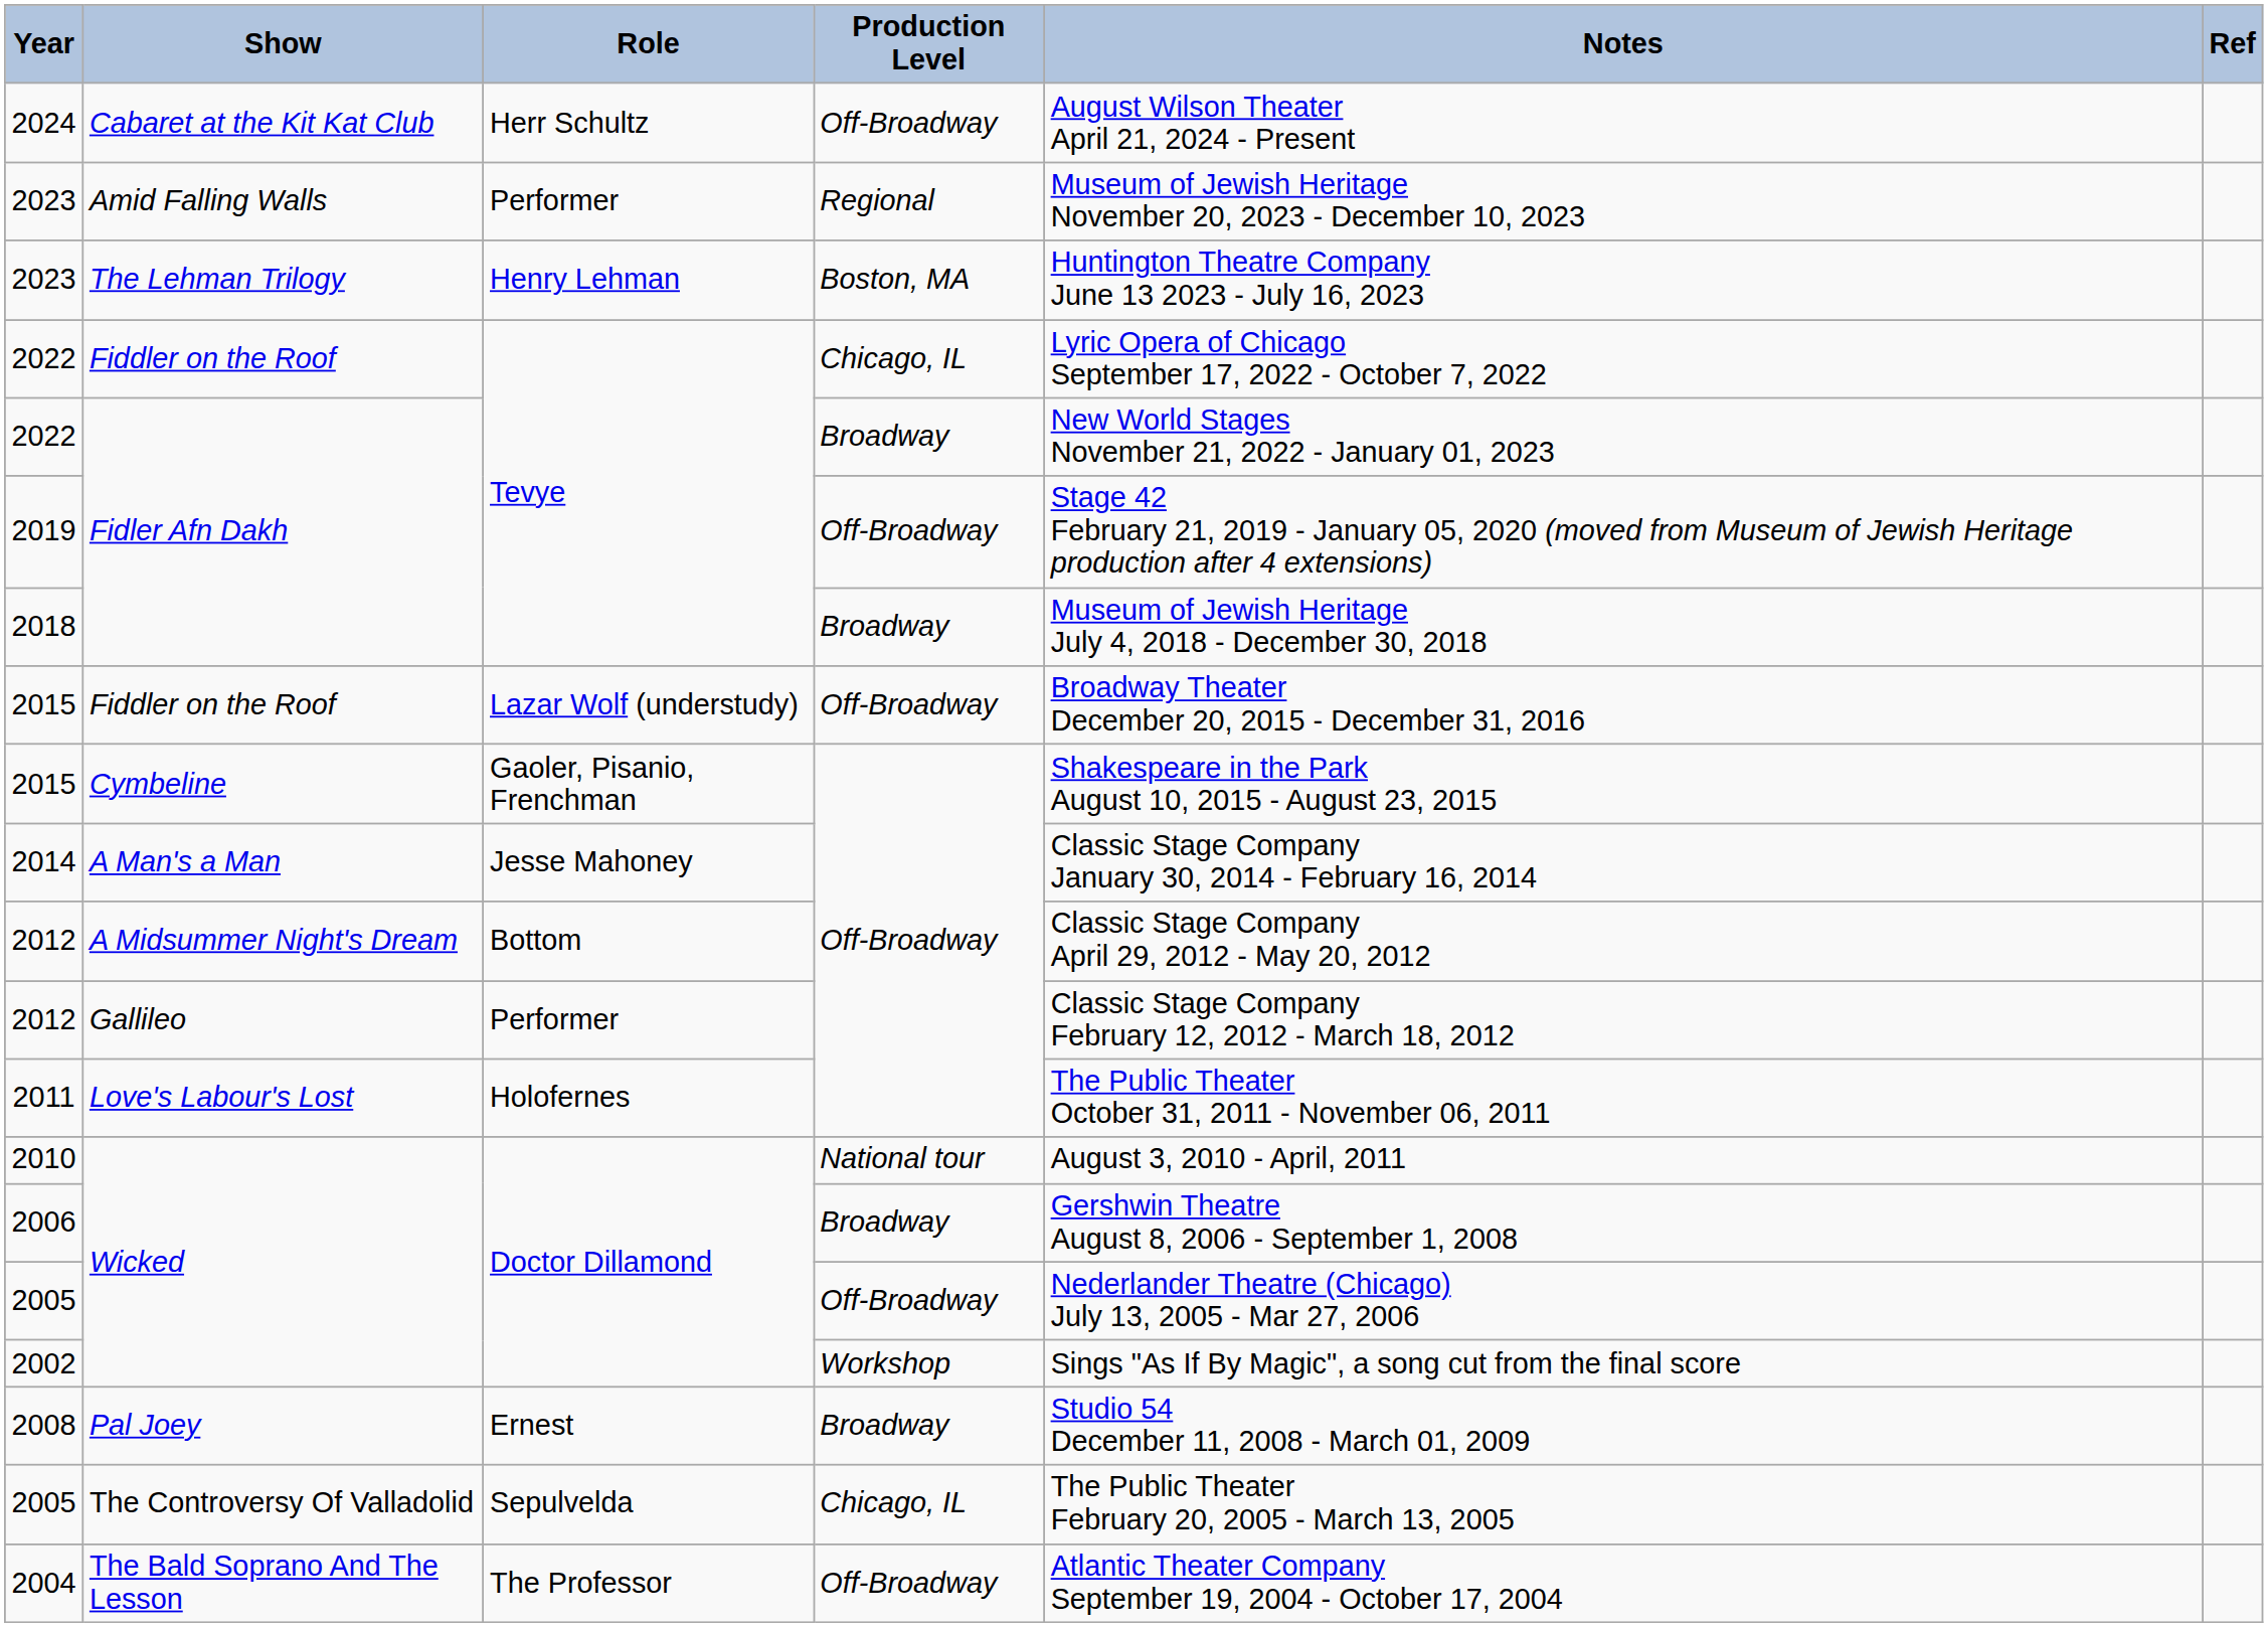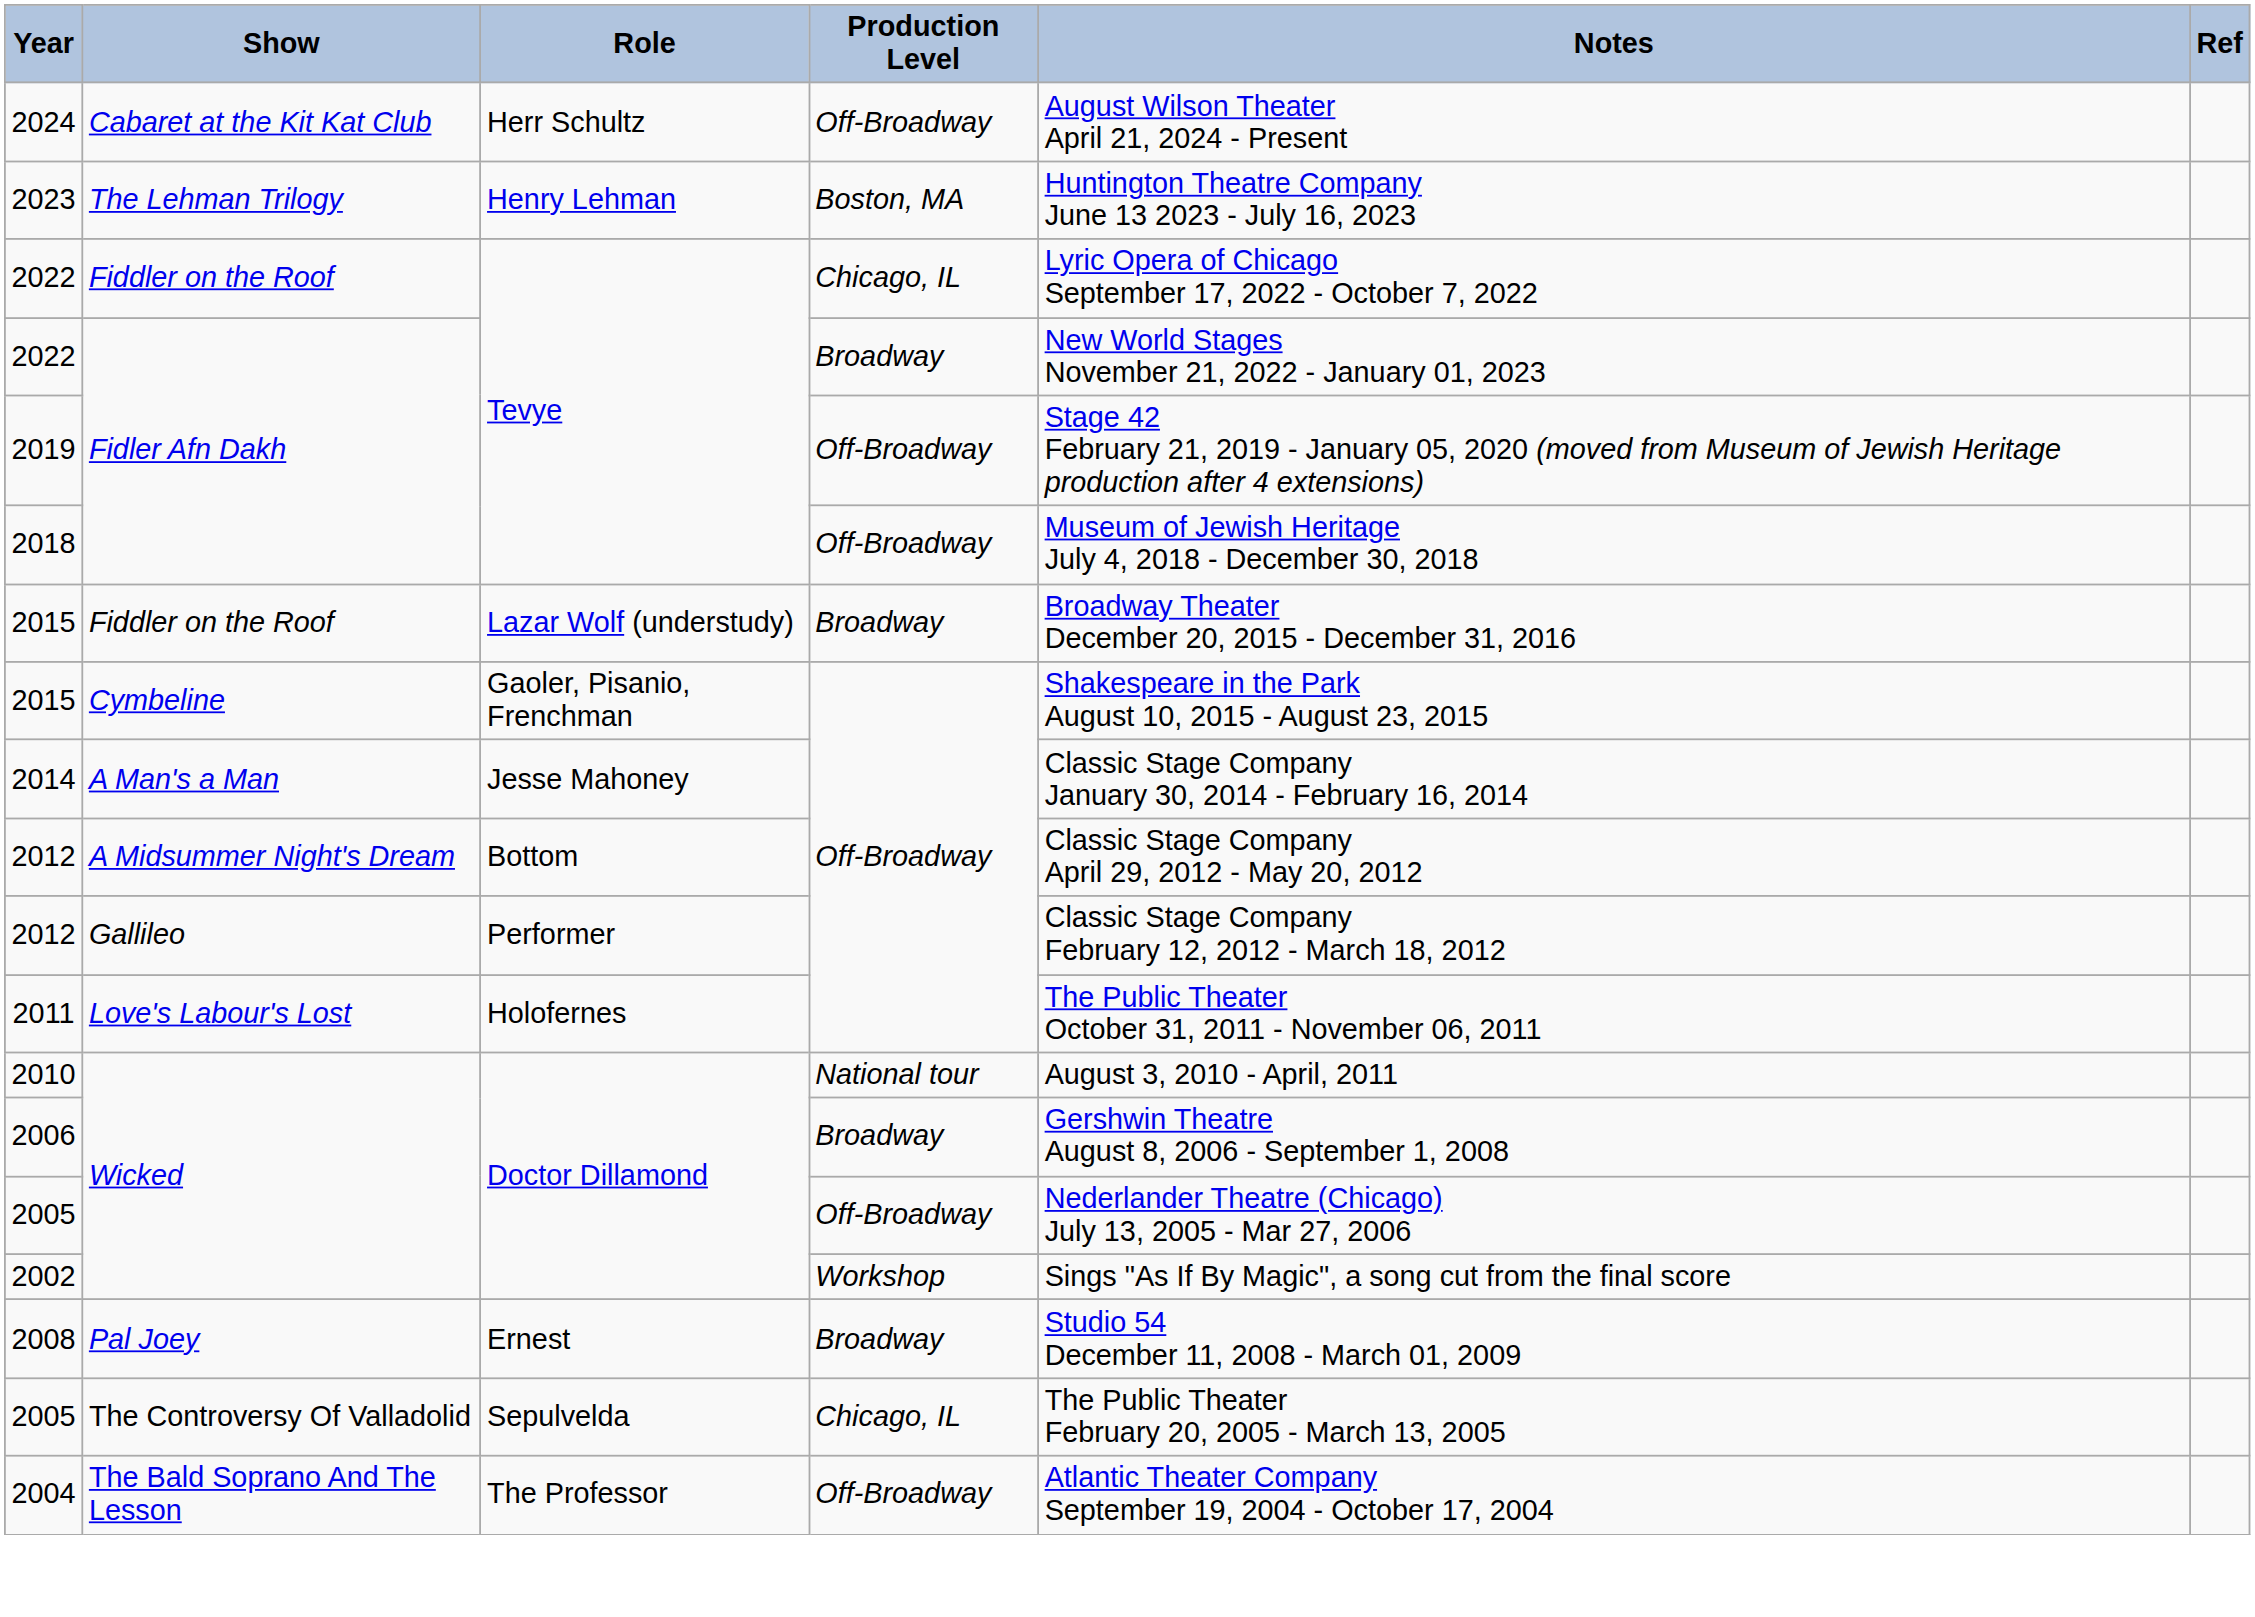 <table class="wikitable sortable" style="font-size:90%width:60%;">
 <tr style="text-align:center;">
 <th style="background:#B0C4DE;">Year</th>
 <th style="background:#B0C4DE;">Show</th>
 <th style="background:#B0C4DE;">Role</th>
 <th style="background:#B0C4DE;">Production Level</th>
 <th style="background:#B0C4DE;">Notes</th>
 <th style="background:#B0C4DE;">Ref</th>
 </tr>
 <tr>
 <td style="text-align:center;">2024</td>
 <td><em><a href='#'>Cabaret at the Kit Kat Club</a></em></td>
 <td>Herr Schultz</td>
 <td><em>Off-Broadway</em></td>
 <td><a href='#'>August Wilson Theater</a><br>April 21, 2024 - Present</td>
-<td></td>
-</tr>
-<tr>
-<td style="text-align:center;">2023</td>
-<td><em>Amid Falling Walls</em></td>
-<td>Performer</td>
-<td><em>Regional</em></td>
-<td><a href='#'>Museum of Jewish Heritage</a><br>November 20, 2023 -  December 10, 2023</td>
 <td></td>
 </tr>
 <tr>
 <td style="text-align:center;">2023</td>
 <td><em><a href='#'>The Lehman Trilogy</a></em></td>
 <td><a href='#'>Henry Lehman</a></td>
 <td><em>Boston, MA</em></td>
 <td><a href='#'>Huntington Theatre Company</a><br>June 13 2023 - July 16, 2023</td>
 <td></td>
 </tr>
 <tr>
 <td style="text-align:center;">2022</td>
 <td><em><a href='#'>Fiddler on the Roof</a></em></td>
 <td rowspan="4"><a href='#'>Tevye</a></td>
 <td><em>Chicago, IL</em></td>
 <td><a href='#'>Lyric Opera of Chicago</a><br>September 17, 2022 - October 7, 2022</td>
 <td></td>
 </tr>
 <tr>
 <td style="text-align:center;">2022</td>
 <td rowspan="3"><em><a href='#'>Fidler Afn Dakh</a></em></td>
 <td><em>Broadway</em></td>
 <td><a href='#'>New World Stages</a><br>November 21, 2022 - January 01, 2023</td>
 <td></td>
 </tr>
 <tr>
 <td style="text-align:center;">2019</td>
 <td><em>Off-Broadway</em></td>
 <td><a href='#'>Stage 42</a><br>February 21, 2019 - January 05, 2020 <em>(moved from Museum of Jewish Heritage production after 4 extensions)</em></td>
 <td></td>
 </tr>
 <tr>
 <td style="text-align:center;">2018</td>
-<td><em>Broadway</em></td>
+<td><em>Off-Broadway</em></td>
 <td><a href='#'>Museum of Jewish Heritage</a><br>July 4, 2018 - December 30, 2018</td>
 <td></td>
 </tr>
 <tr>
 <td style="text-align:center;">2015</td>
 <td><em>Fiddler on the Roof</em></td>
 <td><a href='#'>Lazar Wolf</a> (understudy)</td>
-<td><em>Off-Broadway</em></td>
+<td><em>Broadway</em></td>
 <td><a href='#'>Broadway Theater</a><br>December 20, 2015 - December 31, 2016</td>
 <td></td>
 </tr>
 <tr>
 <td style="text-align:center;">2015</td>
 <td><em><a href='#'>Cymbeline</a></em></td>
 <td>Gaoler, Pisanio, Frenchman</td>
 <td rowspan="5"><em>Off-Broadway</em></td>
 <td><a href='#'>Shakespeare in the Park</a><br>August 10, 2015 -  August 23, 2015</td>
 <td></td>
 </tr>
 <tr>
 <td style="text-align:center;">2014</td>
 <td><em><a href='#'>A Man's a Man</a></em></td>
 <td>Jesse Mahoney</td>
 <td>Classic Stage Company<br>January 30, 2014 - February 16, 2014</td>
 <td></td>
 </tr>
 <tr>
 <td style="text-align:center;">2012</td>
 <td><em><a href='#'>A Midsummer Night's Dream</a></em></td>
 <td>Bottom</td>
 <td>Classic Stage Company<br>April 29, 2012 - May 20, 2012</td>
 <td></td>
 </tr>
 <tr>
 <td style="text-align:center;">2012</td>
 <td><em>Gallileo</em></td>
 <td>Performer</td>
 <td>Classic Stage Company<br>February 12, 2012 - March 18, 2012</td>
 <td></td>
 </tr>
 <tr>
 <td style="text-align:center;">2011</td>
 <td><em><a href='#'>Love's Labour's Lost</a></em></td>
 <td>Holofernes</td>
 <td><a href='#'>The Public Theater</a><br>October 31, 2011 - November 06, 2011</td>
 <td></td>
 </tr>
 <tr>
 <td style="text-align:center;">2010</td>
 <td rowspan="4"><a href='#'><em>Wicked</em></a></td>
 <td rowspan="4"><a href='#'>Doctor Dillamond</a></td>
 <td><em>National tour</em></td>
 <td>August 3, 2010 - April, 2011</td>
 <td></td>
 </tr>
 <tr>
 <td style="text-align:center;">2006</td>
 <td><em>Broadway</em></td>
 <td><a href='#'>Gershwin Theatre</a><br>August 8, 2006 - September 1, 2008</td>
 <td></td>
 </tr>
 <tr>
 <td style="text-align:center;">2005</td>
 <td><em>Off-Broadway</em></td>
 <td><a href='#'>Nederlander Theatre (Chicago)</a><br>July 13, 2005 - Mar 27, 2006</td>
 <td></td>
 </tr>
 <tr>
 <td style="text-align:center;">2002</td>
 <td><em>Workshop</em></td>
 <td>Sings "As If By Magic", a song cut from the final score</td>
 <td></td>
 </tr>
 <tr>
 <td style="text-align:center;">2008</td>
 <td><a href='#'><em>Pal Joey</em></a></td>
 <td>Ernest</td>
 <td><em>Broadway</em></td>
 <td><a href='#'>Studio 54</a><br>December 11, 2008 - March 01, 2009</td>
 <td></td>
 </tr>
 <tr>
 <td style="text-align:center;">2005</td>
 <td>The Controversy Of Valladolid</td>
 <td>Sepulvelda</td>
 <td><em>Chicago, IL</em></td>
 <td>The Public Theater<br>February 20, 2005 - March 13, 2005</td>
 <td></td>
 </tr>
 <tr>
 <td style="text-align:center;">2004</td>
 <td><a href='#'>The Bald Soprano And The Lesson</a></td>
 <td>The Professor</td>
 <td><em>Off-Broadway</em></td>
 <td><a href='#'>Atlantic Theater Company</a><br>September 19, 2004 - October 17, 2004</td>
 <td></td>
 </tr>
 </table>
